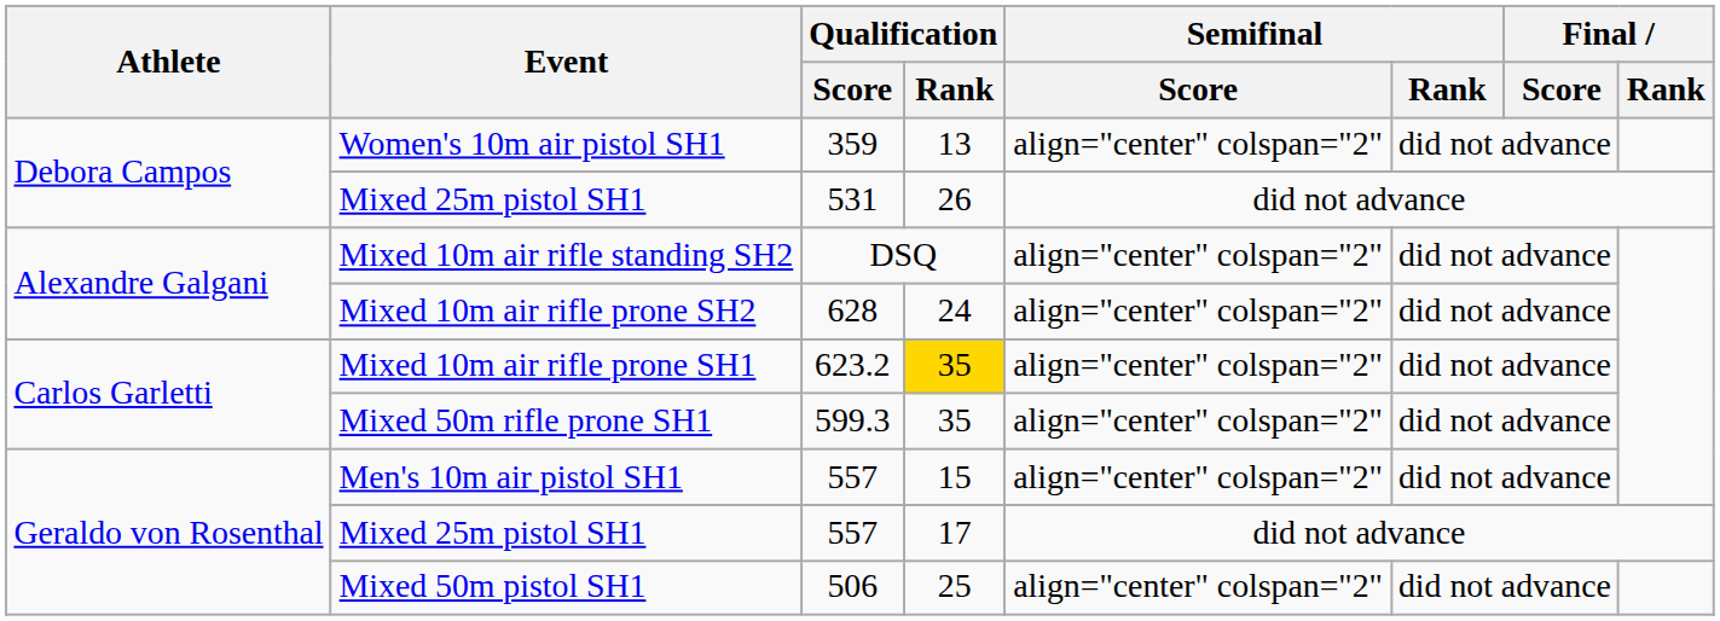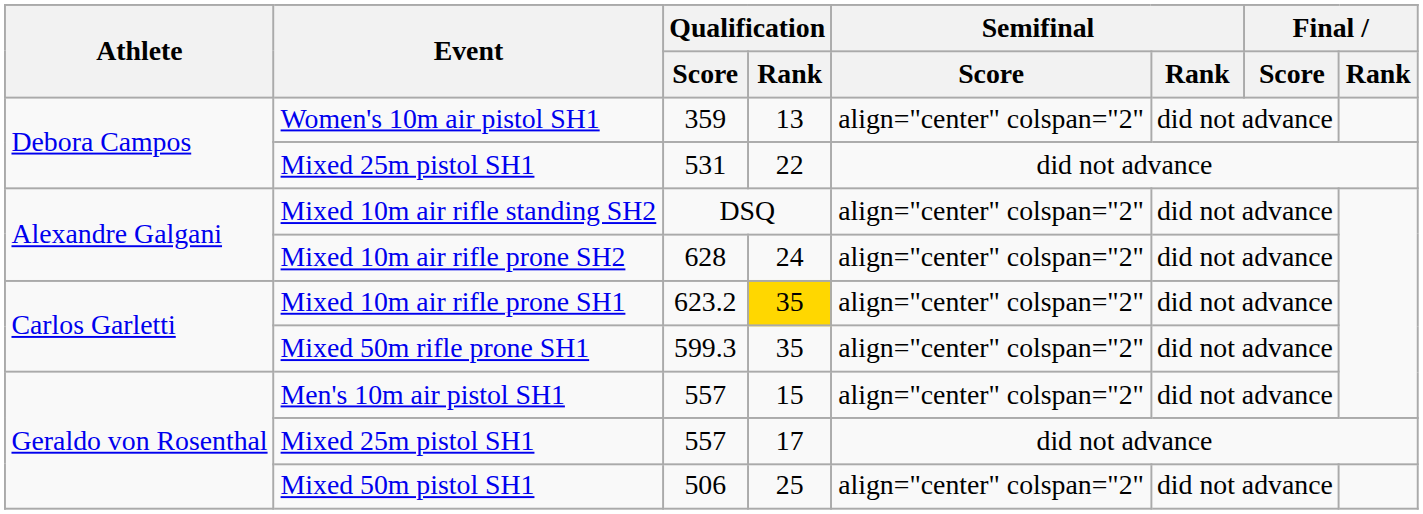 <table class=wikitable style="font-size:90%">
 <tr>
 <th rowspan="2">Athlete</th>
 <th rowspan="2">Event</th>
 <th colspan="2">Qualification</th>
 <th colspan="2">Semifinal</th>
 <th colspan="2">Final / </th>
 </tr>
 <tr>
 <th>Score</th>
 <th>Rank</th>
 <th>Score</th>
 <th>Rank</th>
 <th>Score</th>
 <th>Rank</th>
 </tr>
 <tr>
 <td rowspan="2"><a href='#'>Debora Campos</a></td>
 <td><a href='#'>Women's 10m air pistol SH1</a></td>
 <td align="center">359</td>
 <td align="center">13</td>
 <td>align="center" colspan="2" </td>
 <td align="center" colspan=2>did not advance</td>
 </tr>
 <tr>
 <td><a href='#'>Mixed 25m pistol SH1</a></td>
 <td align="center">531</td>
-<td align="center">26</td>
+<td align="center">22</td>
 <td align="center" colspan=4>did not advance</td>
 </tr>
 <tr>
 <td rowspan="2"><a href='#'>Alexandre Galgani</a></td>
 <td><a href='#'>Mixed 10m air rifle standing SH2</a></td>
 <td align="center" colspan=2>DSQ</td>
 <td>align="center" colspan="2" </td>
 <td align="center" colspan=2>did not advance</td>
 </tr>
 <tr>
 <td><a href='#'>Mixed 10m air rifle prone SH2</a></td>
 <td align="center">628</td>
 <td align="center">24</td>
 <td>align="center" colspan="2" </td>
 <td align="center" colspan=2>did not advance</td>
 </tr>
 <tr>
 <td rowspan="2"><a href='#'>Carlos Garletti</a></td>
 <td><a href='#'>Mixed 10m air rifle prone SH1</a></td>
 <td align="center">623.2</td>
 <td align="center" style="background: gold;">35</td>
 <td>align="center" colspan="2" </td>
 <td align="center" colspan=2>did not advance</td>
 </tr>
 <tr>
 <td><a href='#'>Mixed 50m rifle prone SH1</a></td>
 <td align="center">599.3</td>
 <td align="center">35</td>
 <td>align="center" colspan="2" </td>
 <td align="center" colspan=2>did not advance</td>
 </tr>
 <tr>
 <td rowspan="3"><a href='#'>Geraldo von Rosenthal</a></td>
 <td><a href='#'>Men's 10m air pistol SH1</a></td>
 <td align="center">557</td>
 <td align="center">15</td>
 <td>align="center" colspan="2" </td>
 <td align="center" colspan=2>did not advance</td>
 </tr>
 <tr>
 <td><a href='#'>Mixed 25m pistol SH1</a></td>
 <td align="center">557</td>
 <td align="center">17</td>
 <td align="center" colspan=4>did not advance</td>
 </tr>
 <tr>
 <td><a href='#'>Mixed 50m pistol SH1</a></td>
 <td align="center">506</td>
 <td align="center">25</td>
 <td>align="center" colspan="2" </td>
 <td align="center" colspan=2>did not advance</td>
 </tr>
 </table>
